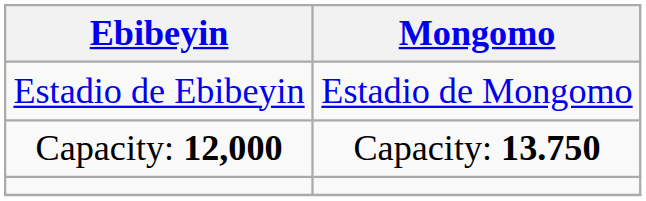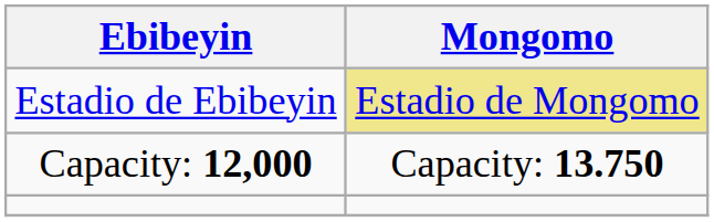 <table class="wikitable" style="text-align:center">
 <tr>
 <th><a href='#'>Ebibeyin</a></th>
 <th><a href='#'>Mongomo</a></th>
 </tr>
 <tr>
 <td><a href='#'>Estadio de Ebibeyin</a></td>
-<td><a href='#'>Estadio de Mongomo</a></td>
+<td style="background: khaki;"><a href='#'>Estadio de Mongomo</a></td>
 </tr>
 <tr>
 <td>Capacity: <strong>12,000</strong></td>
 <td>Capacity: <strong>13.750</strong></td>
 </tr>
 <tr>
 <td></td>
 <td></td>
 </tr>
 <tr>
 </tr>
 </table>
